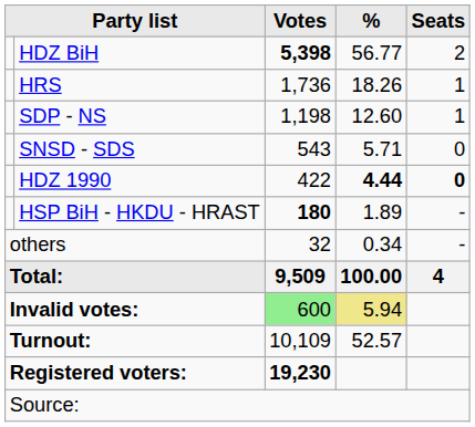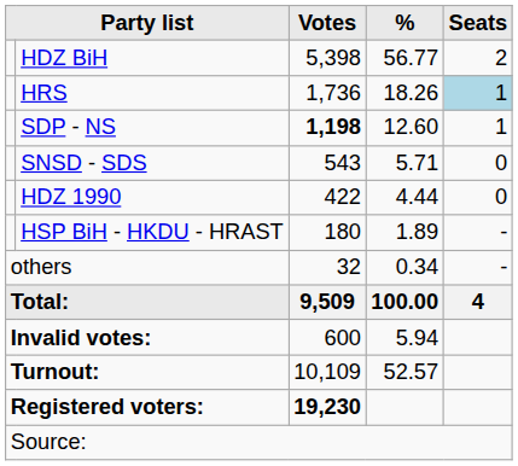 <table class="wikitable" border="1">
 <tr>
 <th colspan="2" align="center" style="background-color:#E9E9E9">Party list</th>
 <th align="center" style="background-color:#E9E9E9">Votes</th>
 <th align="center" style="background-color:#E9E9E9">%</th>
 <th align="center" style="background-color:#E9E9E9">Seats</th>
 </tr>
 <tr>
 <td></td>
 <td align="left"><a href='#'>HDZ BiH</a></td>
-<td align="right"><strong>5,398</strong></td>
+<td align="right">5,398</td>
 <td align="right">56.77</td>
 <td align="right">2</td>
 </tr>
 <tr>
 <td></td>
 <td align="left"><a href='#'>HRS</a></td>
 <td align="right">1,736</td>
 <td align="right">18.26</td>
-<td align="right">1</td>
+<td align="right" style="background: lightblue;">1</td>
 </tr>
 <tr>
 <td></td>
 <td align="left"><a href='#'>SDP</a> - <a href='#'>NS</a></td>
-<td align="right">1,198</td>
+<td align="right"><strong>1,198</strong></td>
 <td align="right">12.60</td>
 <td align="right">1</td>
 </tr>
 <tr>
 <td></td>
 <td align="left"><a href='#'>SNSD</a> - <a href='#'>SDS</a></td>
 <td align="right">543</td>
 <td align="right">5.71</td>
 <td align="right">0</td>
 </tr>
 <tr>
 <td></td>
 <td align="left"><a href='#'>HDZ 1990</a></td>
 <td align="right">422</td>
-<td align="right"><strong>4.44</strong></td>
-<td align="right"><strong>0</strong></td>
+<td align="right">4.44</td>
+<td align="right">0</td>
 </tr>
 <tr>
 <td></td>
 <td align="left"><a href='#'>HSP BiH</a> - <a href='#'>HKDU</a> - HRAST</td>
-<td align="right"><strong>180</strong></td>
+<td align="right">180</td>
 <td align="right">1.89</td>
 <td align="right">-</td>
 </tr>
 <tr>
 <td colspan="2">others</td>
 <td align="right">32</td>
 <td align="right">0.34</td>
 <td align="right">-</td>
 </tr>
 <tr style="background-color:#E9E9E9">
 <td colspan="2" align="left"><strong>Total:</strong></td>
 <th align="right">9,509</th>
 <th align="right">100.00</th>
 <th align="right">4</th>
 </tr>
 <tr>
 <td colspan="2" align="left"><strong>Invalid votes:</strong></td>
-<td align="right" style="background: lightgreen;">600</td>
-<td align="right" style="background: khaki;">5.94</td>
+<td align="right">600</td>
+<td align="right">5.94</td>
 <td align="right"></td>
 </tr>
 <tr>
 <td colspan="2" align="left"><strong>Turnout:</strong></td>
 <td align="right">10,109</td>
 <td align="right">52.57</td>
 <td align="right"></td>
 </tr>
 <tr>
 <td colspan="2" align="left"><strong>Registered voters:</strong></td>
 <td align="right"><strong>19,230</strong></td>
 <td align="right"></td>
 <td align="right"></td>
 </tr>
 <tr>
 <td colspan="5" align="left">Source: </td>
 </tr>
 </table>
